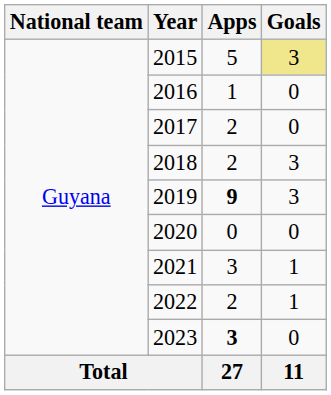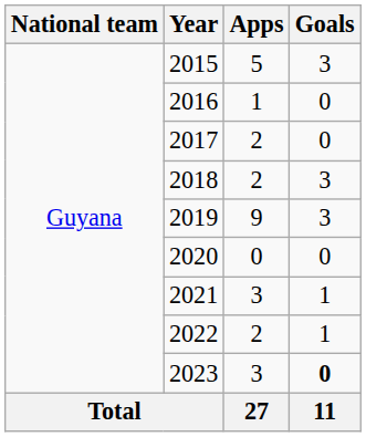 <table class="wikitable" style="text-align:center">
 <tr>
 <th>National team</th>
 <th>Year</th>
 <th>Apps</th>
 <th>Goals</th>
 </tr>
 <tr>
 <td rowspan=9><a href='#'>Guyana</a></td>
 <td>2015</td>
 <td>5</td>
-<td style="background: khaki;">3</td>
+<td>3</td>
 </tr>
 <tr>
 <td>2016</td>
 <td>1</td>
 <td>0</td>
 </tr>
 <tr>
 <td>2017</td>
 <td>2</td>
 <td>0</td>
 </tr>
 <tr>
 <td>2018</td>
 <td>2</td>
 <td>3</td>
 </tr>
 <tr>
 <td>2019</td>
-<td><strong>9</strong></td>
+<td>9</td>
 <td>3</td>
 </tr>
 <tr>
 <td>2020</td>
 <td>0</td>
 <td>0</td>
 </tr>
 <tr>
 <td>2021</td>
 <td>3</td>
 <td>1</td>
 </tr>
 <tr>
 <td>2022</td>
 <td>2</td>
 <td>1</td>
 </tr>
 <tr>
 <td>2023</td>
-<td><strong>3</strong></td>
-<td>0</td>
+<td>3</td>
+<td><strong>0</strong></td>
 </tr>
 <tr>
 <th colspan=2>Total</th>
 <th>27</th>
 <th>11</th>
 </tr>
 </table>
